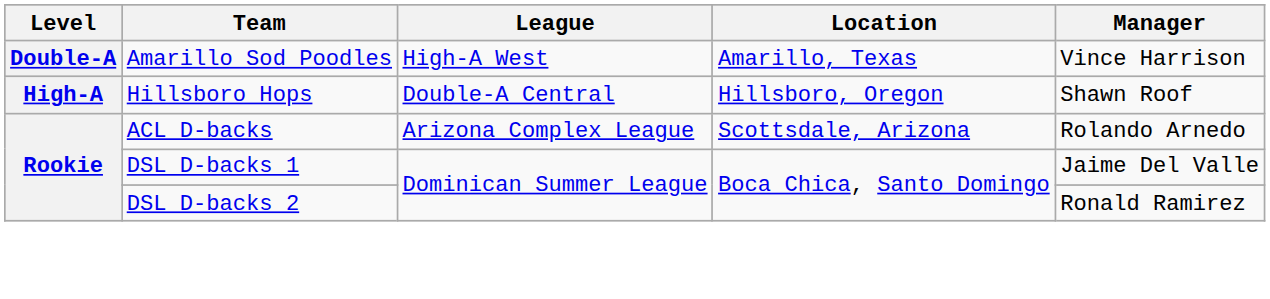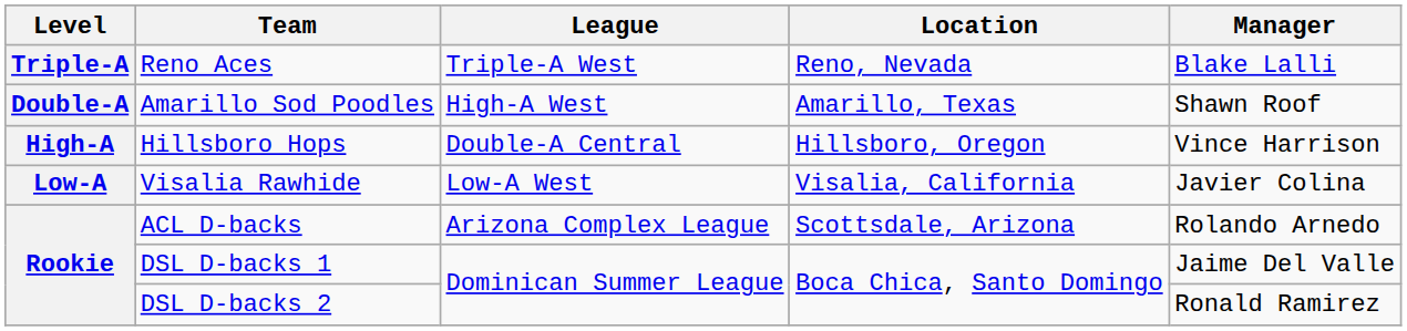 <table class="wikitable plainrowheaders">
 <tr>
 <th scope="col" style="text-align:center; ">Level</th>
 <th scope="col" style="text-align:center; ">Team</th>
 <th scope="col" style="text-align:center; ">League</th>
 <th scope="col" style="text-align:center; ">Location</th>
 <th scope="col" style="text-align:center; ">Manager</th>
 </tr>
 <tr>
+<th scope="row"><a href='#'>Triple-A</a></th>
+<td><a href='#'>Reno Aces</a></td>
+<td><a href='#'>Triple-A West</a></td>
+<td><a href='#'>Reno, Nevada</a></td>
+<td><a href='#'>Blake Lalli</a></td>
+</tr>
+<tr>
 <th scope="row"><a href='#'>Double-A</a></th>
 <td><a href='#'>Amarillo Sod Poodles</a></td>
 <td><a href='#'>High-A West</a></td>
 <td><a href='#'>Amarillo, Texas</a></td>
-<td>Vince Harrison</td>
+<td>Shawn Roof</td>
 </tr>
 <tr>
 <th scope="row"><a href='#'>High-A</a></th>
 <td><a href='#'>Hillsboro Hops</a></td>
 <td><a href='#'>Double-A Central</a></td>
 <td><a href='#'>Hillsboro, Oregon</a></td>
-<td>Shawn Roof</td>
+<td>Vince Harrison</td>
+</tr>
+<tr>
+<th scope="row"><a href='#'>Low-A</a></th>
+<td><a href='#'>Visalia Rawhide</a></td>
+<td><a href='#'>Low-A West</a></td>
+<td><a href='#'>Visalia, California</a></td>
+<td>Javier Colina</td>
 </tr>
 <tr>
 <th scope="row" rowspan=4><a href='#'>Rookie</a></th>
 <td><a href='#'>ACL D-backs</a></td>
 <td><a href='#'>Arizona Complex League</a></td>
 <td><a href='#'>Scottsdale, Arizona</a></td>
 <td>Rolando Arnedo</td>
 </tr>
 <tr>
 <td><a href='#'>DSL D-backs 1</a></td>
 <td rowspan=2><a href='#'>Dominican Summer League</a></td>
 <td rowspan=2><a href='#'>Boca Chica</a>, <a href='#'>Santo Domingo</a></td>
 <td>Jaime Del Valle</td>
 </tr>
 <tr>
 <td><a href='#'>DSL D-backs 2</a></td>
 <td>Ronald Ramirez</td>
 </tr>
 </table>
